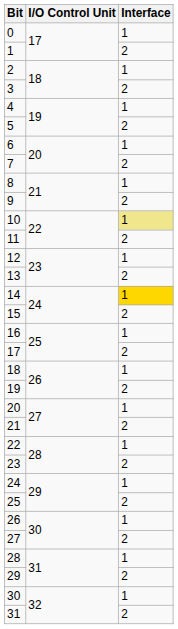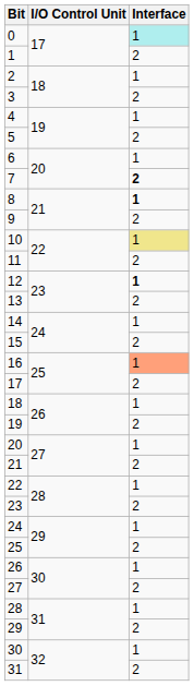 <table class="wikitable">
 <tr>
 <th>Bit</th>
 <th>I/O Control Unit</th>
 <th>Interface</th>
 </tr>
 <tr>
 <td>0</td>
 <td rowspan=2>17</td>
-<td>1</td>
+<td style="background: paleturquoise;">1</td>
 </tr>
 <tr>
 <td>1</td>
 <td>2</td>
 </tr>
 <tr>
 <td>2</td>
 <td rowspan=2>18</td>
 <td>1</td>
 </tr>
 <tr>
 <td>3</td>
 <td>2</td>
 </tr>
 <tr>
 <td>4</td>
 <td rowspan=2>19</td>
 <td>1</td>
 </tr>
 <tr>
 <td>5</td>
 <td>2</td>
 </tr>
 <tr>
 <td>6</td>
 <td rowspan=2>20</td>
 <td>1</td>
 </tr>
 <tr>
 <td>7</td>
-<td>2</td>
+<td><strong>2</strong></td>
 </tr>
 <tr>
 <td>8</td>
 <td rowspan=2>21</td>
-<td>1</td>
+<td><strong>1</strong></td>
 </tr>
 <tr>
 <td>9</td>
 <td>2</td>
 </tr>
 <tr>
 <td>10</td>
 <td rowspan=2>22</td>
 <td style="background: khaki;">1</td>
 </tr>
 <tr>
 <td>11</td>
 <td>2</td>
 </tr>
 <tr>
 <td>12</td>
 <td rowspan=2>23</td>
-<td>1</td>
+<td><strong>1</strong></td>
 </tr>
 <tr>
 <td>13</td>
 <td>2</td>
 </tr>
 <tr>
 <td>14</td>
 <td rowspan=2>24</td>
-<td style="background: gold;">1</td>
+<td>1</td>
 </tr>
 <tr>
 <td>15</td>
 <td>2</td>
 </tr>
 <tr>
 <td>16</td>
 <td rowspan=2>25</td>
-<td>1</td>
+<td style="background: lightsalmon;">1</td>
 </tr>
 <tr>
 <td>17</td>
 <td>2</td>
 </tr>
 <tr>
 <td>18</td>
 <td rowspan=2>26</td>
 <td>1</td>
 </tr>
 <tr>
 <td>19</td>
 <td>2</td>
 </tr>
 <tr>
 <td>20</td>
 <td rowspan=2>27</td>
 <td>1</td>
 </tr>
 <tr>
 <td>21</td>
 <td>2</td>
 </tr>
 <tr>
 <td>22</td>
 <td rowspan=2>28</td>
 <td>1</td>
 </tr>
 <tr>
 <td>23</td>
 <td>2</td>
 </tr>
 <tr>
 <td>24</td>
 <td rowspan=2>29</td>
 <td>1</td>
 </tr>
 <tr>
 <td>25</td>
 <td>2</td>
 </tr>
 <tr>
 <td>26</td>
 <td rowspan=2>30</td>
 <td>1</td>
 </tr>
 <tr>
 <td>27</td>
 <td>2</td>
 </tr>
 <tr>
 <td>28</td>
 <td rowspan=2>31</td>
 <td>1</td>
 </tr>
 <tr>
 <td>29</td>
 <td>2</td>
 </tr>
 <tr>
 <td>30</td>
 <td rowspan=2>32</td>
 <td>1</td>
 </tr>
 <tr>
 <td>31</td>
 <td>2</td>
 </tr>
 </table>
